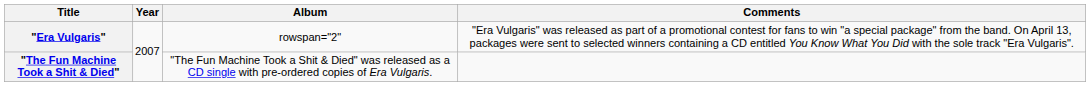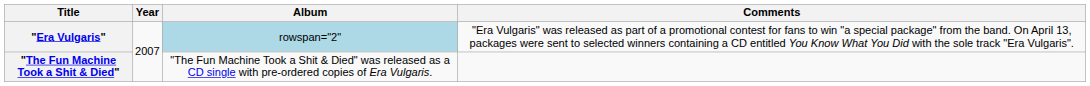 <table class="wikitable plainrowheaders" style="text-align:center;">
 <tr>
 <th>Title</th>
 <th>Year</th>
 <th>Album</th>
 <th>Comments</th>
 </tr>
 <tr>
 <th scope="row">"<a href='#'>Era Vulgaris</a>"</th>
 <td rowspan="2">2007</td>
-<td>rowspan="2" </td>
+<td style="background: lightblue;">rowspan="2" </td>
 <td>"Era Vulgaris" was released as part of a promotional contest for fans to win "a special package" from the band. On April 13, packages were sent to selected winners containing a CD entitled <em>You Know What You Did</em> with the sole track "Era Vulgaris".</td>
 </tr>
 <tr>
 <th scope="row">"<a href='#'>The Fun Machine Took a Shit & Died</a>"</th>
 <td>"The Fun Machine Took a Shit & Died" was released as a <a href='#'>CD single</a> with pre-ordered copies of <em>Era Vulgaris</em>.</td>
 </tr>
 </table>
